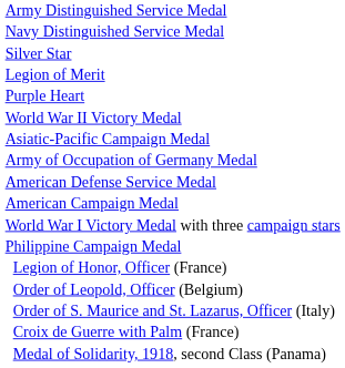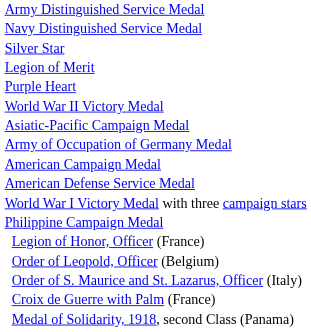 <table>
 <tr>
 <td> <a href='#'>Army Distinguished Service Medal</a></td>
 </tr>
 <tr>
 <td> <a href='#'>Navy Distinguished Service Medal</a></td>
 </tr>
 <tr>
 <td> <a href='#'>Silver Star</a></td>
 </tr>
 <tr>
 <td> <a href='#'>Legion of Merit</a></td>
 </tr>
 <tr>
 <td> <a href='#'>Purple Heart</a></td>
 </tr>
 <tr>
 <td> <a href='#'>World War II Victory Medal</a></td>
 </tr>
 <tr>
 <td> <a href='#'>Asiatic-Pacific Campaign Medal</a></td>
 </tr>
 <tr>
 <td> <a href='#'>Army of Occupation of Germany Medal</a></td>
 </tr>
 <tr>
-<td> <a href='#'>American Defense Service Medal</a></td>
+<td> <a href='#'>American Campaign Medal</a></td>
 </tr>
 <tr>
-<td> <a href='#'>American Campaign Medal</a></td>
+<td> <a href='#'>American Defense Service Medal</a></td>
 </tr>
 <tr>
 <td> <a href='#'>World War I Victory Medal</a> with three <a href='#'>campaign stars</a></td>
 </tr>
 <tr>
 <td> <a href='#'>Philippine Campaign Medal</a></td>
 </tr>
 <tr>
 <td>  <a href='#'>Legion of Honor, Officer</a> (France)</td>
 </tr>
 <tr>
 <td>  <a href='#'>Order of Leopold, Officer</a> (Belgium)</td>
 </tr>
 <tr>
 <td>  <a href='#'>Order of S. Maurice and St. Lazarus, Officer</a> (Italy)</td>
 </tr>
 <tr>
 <td>  <a href='#'>Croix de Guerre with Palm</a> (France)</td>
 </tr>
 <tr>
 <td>  <a href='#'>Medal of Solidarity, 1918</a>, second Class (Panama)</td>
 </tr>
 </table>
